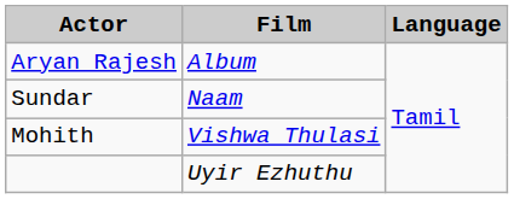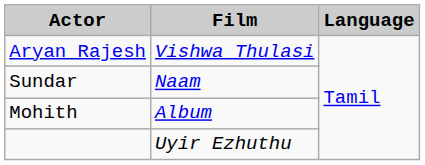 <table class="wikitable">
 <tr>
 <th style="background:#ccc;">Actor</th>
 <th style="background:#ccc;">Film</th>
 <th style="background:#ccc;">Language</th>
 </tr>
 <tr>
 <td><a href='#'>Aryan Rajesh</a></td>
-<td><em><a href='#'>Album</a></em></td>
+<td><em><a href='#'>Vishwa Thulasi</a></em></td>
 <td rowspan="4"><a href='#'>Tamil</a></td>
 </tr>
 <tr>
 <td>Sundar</td>
 <td><em><a href='#'>Naam</a></em></td>
 </tr>
 <tr>
 <td>Mohith</td>
-<td><em><a href='#'>Vishwa Thulasi</a></em></td>
+<td><em><a href='#'>Album</a></em></td>
 </tr>
 <tr>
 <td></td>
 <td><em>Uyir Ezhuthu</em></td>
 </tr>
 </table>
